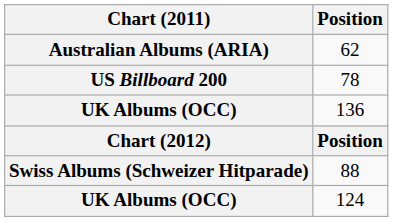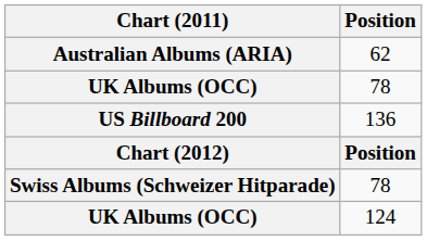 <table class="wikitable plainrowheaders" style="text-align:center">
 <tr>
 <th scope="col">Chart (2011)</th>
 <th scope="col">Position</th>
 </tr>
 <tr>
 <th scope="row">Australian Albums (ARIA)</th>
 <td>62</td>
 </tr>
 <tr>
-<th scope="row">US <em>Billboard</em> 200</th>
+<th scope="row">UK Albums (OCC)</th>
 <td>78</td>
 </tr>
 <tr>
-<th scope="row">UK Albums (OCC)</th>
+<th scope="row">US <em>Billboard</em> 200</th>
 <td>136</td>
 </tr>
 <tr>
 <th scope="col">Chart (2012)</th>
 <th scope="col">Position</th>
 </tr>
 <tr>
 <th scope="row">Swiss Albums (Schweizer Hitparade)</th>
-<td>88</td>
+<td>78</td>
 </tr>
 <tr>
 <th scope="row">UK Albums (OCC)</th>
 <td>124</td>
 </tr>
 </table>
